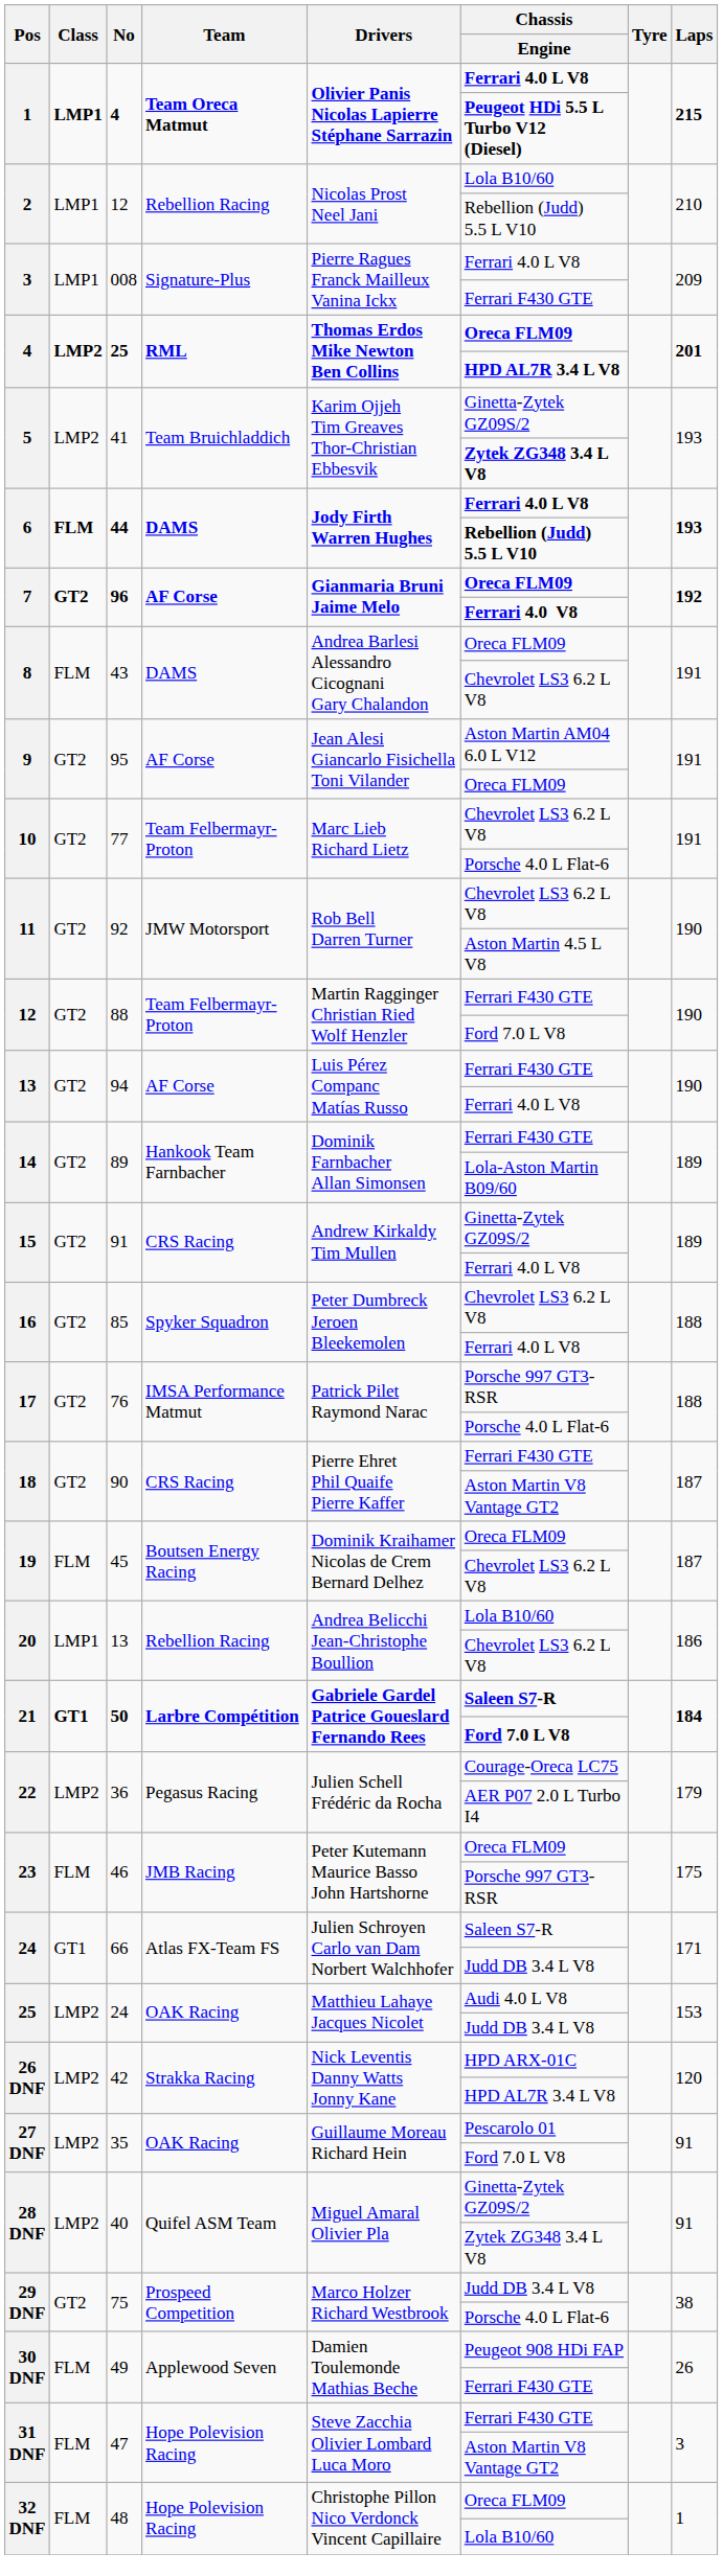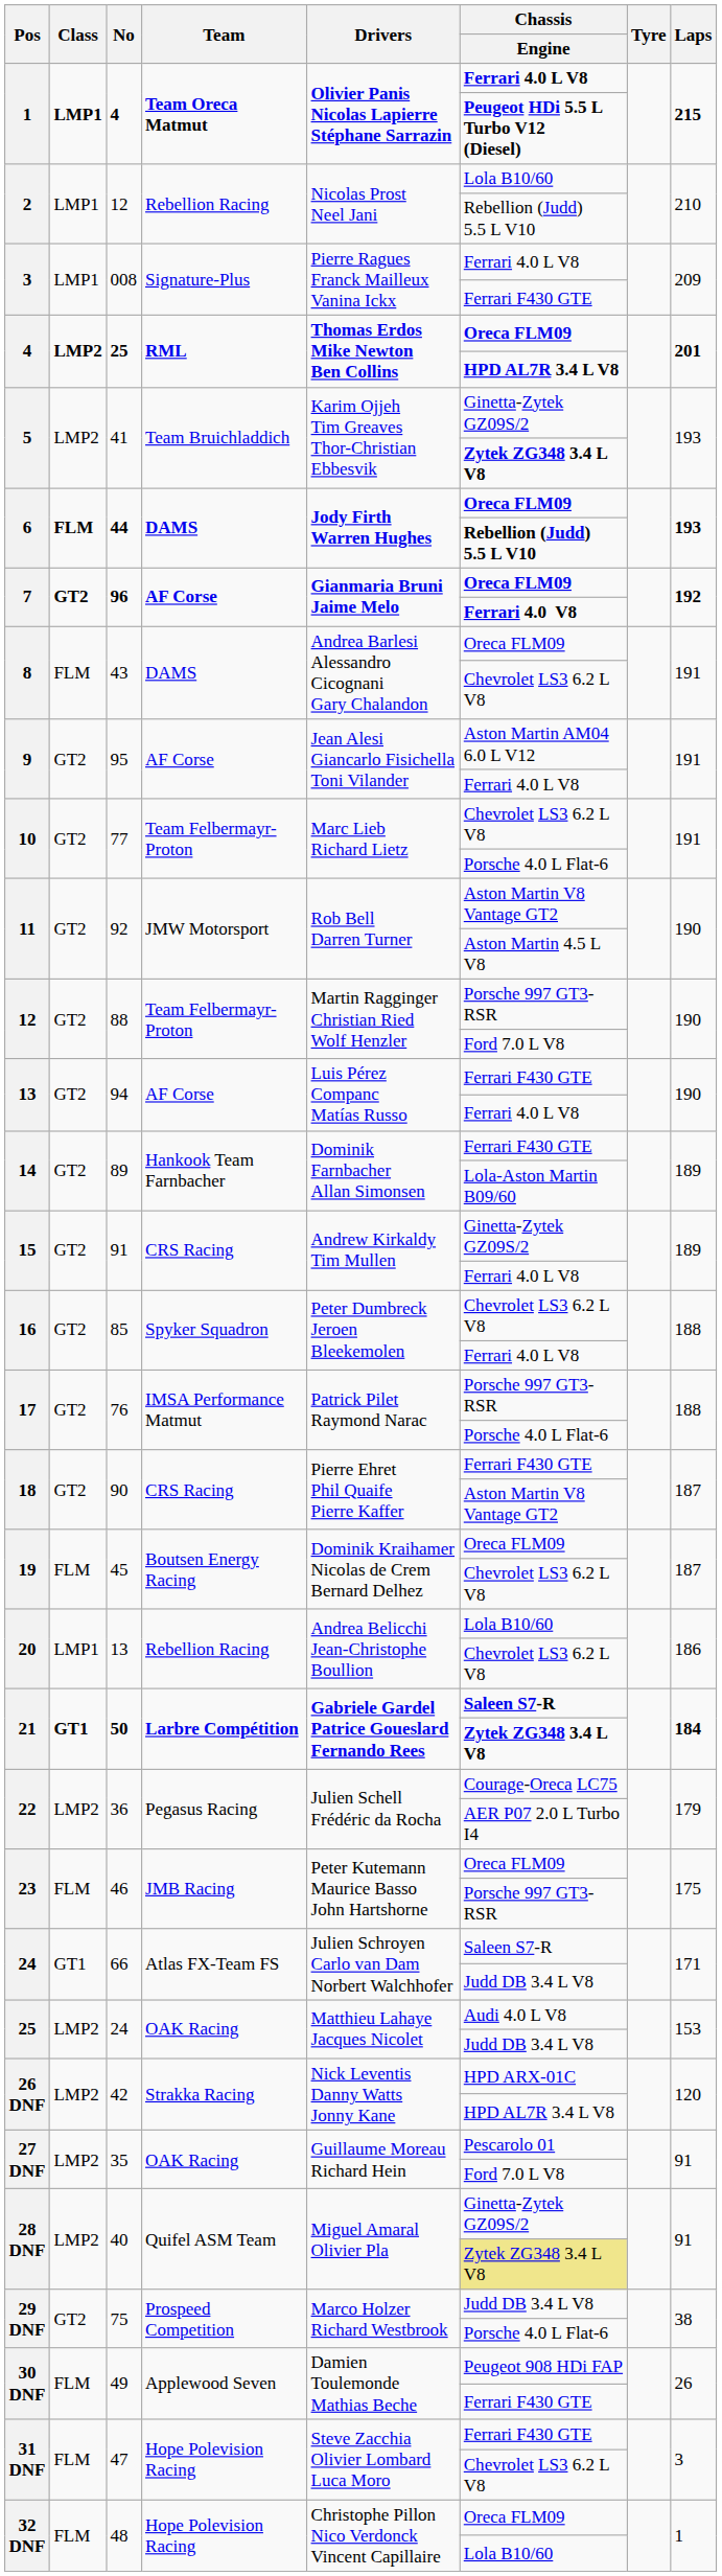 <table class="wikitable" style="font-size: 95%;">
 <tr>
 <th rowspan=2>Pos</th>
 <th rowspan=2>Class</th>
 <th rowspan=2>No</th>
 <th rowspan=2>Team</th>
 <th rowspan=2>Drivers</th>
 <th>Chassis</th>
 <th rowspan=2>Tyre</th>
 <th rowspan=2>Laps</th>
 </tr>
 <tr>
 <th>Engine</th>
 </tr>
 <tr style="font-weight:bold">
 <th rowspan=2>1</th>
 <td rowspan=2>LMP1</td>
 <td rowspan=2>4</td>
 <td rowspan=2> <a href='#'>Team Oreca</a> Matmut</td>
 <td rowspan=2> <a href='#'>Olivier Panis</a><br> <a href='#'>Nicolas Lapierre</a><br> <a href='#'>Stéphane Sarrazin</a></td>
 <td><a href='#'>Ferrari</a> 4.0 L V8</td>
 <td rowspan=2></td>
 <td rowspan=2>215</td>
 </tr>
 <tr style="font-weight:bold">
 <td><a href='#'>Peugeot</a> <a href='#'>HDi</a> 5.5 L Turbo V12<br>(Diesel)</td>
 </tr>
 <tr>
 <th rowspan=2>2</th>
 <td rowspan=2>LMP1</td>
 <td rowspan=2>12</td>
 <td rowspan=2> <a href='#'>Rebellion Racing</a></td>
 <td rowspan=2> <a href='#'>Nicolas Prost</a><br> <a href='#'>Neel Jani</a></td>
 <td><a href='#'>Lola B10/60</a></td>
 <td rowspan=2></td>
 <td rowspan=2>210</td>
 </tr>
 <tr>
 <td>Rebellion (<a href='#'>Judd</a>) 5.5 L V10</td>
 </tr>
 <tr>
 <th rowspan=2>3</th>
 <td rowspan=2>LMP1</td>
 <td rowspan=2>008</td>
 <td rowspan=2> <a href='#'>Signature-Plus</a></td>
 <td rowspan=2> <a href='#'>Pierre Ragues</a><br> <a href='#'>Franck Mailleux</a><br> <a href='#'>Vanina Ickx</a></td>
 <td><a href='#'>Ferrari</a> 4.0 L V8</td>
 <td rowspan=2></td>
 <td rowspan=2>209</td>
 </tr>
 <tr>
 <td><a href='#'>Ferrari F430 GTE</a></td>
 </tr>
 <tr style="font-weight:bold">
 <th rowspan=2>4</th>
 <td rowspan=2>LMP2</td>
 <td rowspan=2>25</td>
 <td rowspan=2> <a href='#'>RML</a></td>
 <td rowspan=2> <a href='#'>Thomas Erdos</a><br> <a href='#'>Mike Newton</a><br> <a href='#'>Ben Collins</a></td>
 <td><a href='#'>Oreca FLM09</a></td>
 <td rowspan=2></td>
 <td rowspan=2>201</td>
 </tr>
 <tr style="font-weight:bold">
 <td><a href='#'>HPD AL7R</a> 3.4 L V8</td>
 </tr>
 <tr>
 <th rowspan=2>5</th>
 <td rowspan=2>LMP2</td>
 <td rowspan=2>41</td>
 <td rowspan=2> <a href='#'>Team Bruichladdich</a></td>
 <td rowspan=2> <a href='#'>Karim Ojjeh</a><br> <a href='#'>Tim Greaves</a><br> <a href='#'>Thor-Christian Ebbesvik</a></td>
 <td><a href='#'>Ginetta</a>-<a href='#'>Zytek</a> <a href='#'>GZ09S/2</a></td>
 <td rowspan=2></td>
 <td rowspan=2>193</td>
 </tr>
 <tr>
 <td><strong><a href='#'>Zytek ZG348</a> 3.4 L V8</strong></td>
 </tr>
 <tr style="font-weight:bold">
 <th rowspan=2>6</th>
 <td rowspan=2>FLM</td>
 <td rowspan=2>44</td>
 <td rowspan=2> <a href='#'>DAMS</a></td>
 <td rowspan=2> <a href='#'>Jody Firth</a><br> <a href='#'>Warren Hughes</a></td>
-<td><a href='#'>Ferrari</a> 4.0 L V8</td>
+<td><a href='#'>Oreca FLM09</a></td>
 <td rowspan=2></td>
 <td rowspan=2>193</td>
 </tr>
 <tr style="font-weight:bold">
 <td>Rebellion (<a href='#'>Judd</a>) 5.5 L V10</td>
 </tr>
 <tr style="font-weight:bold">
 <th rowspan=2>7</th>
 <td rowspan=2>GT2</td>
 <td rowspan=2>96</td>
 <td rowspan=2> <a href='#'>AF Corse</a></td>
 <td rowspan=2> <a href='#'>Gianmaria Bruni</a><br> <a href='#'>Jaime Melo</a></td>
 <td><a href='#'>Oreca FLM09</a></td>
 <td rowspan=2></td>
 <td rowspan=2>192</td>
 </tr>
 <tr style="font-weight:bold">
 <td><a href='#'>Ferrari</a> 4.0  V8</td>
 </tr>
 <tr>
 <th rowspan=2>8</th>
 <td rowspan=2>FLM</td>
 <td rowspan=2>43</td>
 <td rowspan=2> <a href='#'>DAMS</a></td>
 <td rowspan=2> <a href='#'>Andrea Barlesi</a><br> Alessandro Cicognani<br> <a href='#'>Gary Chalandon</a></td>
 <td><a href='#'>Oreca FLM09</a></td>
 <td rowspan=2></td>
 <td rowspan=2>191</td>
 </tr>
 <tr>
 <td><a href='#'>Chevrolet</a> <a href='#'>LS3</a> 6.2 L V8</td>
 </tr>
 <tr>
 <th rowspan=2>9</th>
 <td rowspan=2>GT2</td>
 <td rowspan=2>95</td>
 <td rowspan=2> <a href='#'>AF Corse</a></td>
 <td rowspan=2> <a href='#'>Jean Alesi</a><br> <a href='#'>Giancarlo Fisichella</a><br> <a href='#'>Toni Vilander</a></td>
 <td><a href='#'>Aston Martin AM04</a> 6.0 L V12</td>
 <td rowspan=2></td>
 <td rowspan=2>191</td>
 </tr>
 <tr>
-<td><a href='#'>Oreca FLM09</a></td>
+<td><a href='#'>Ferrari</a> 4.0 L V8</td>
 </tr>
 <tr>
 <th rowspan=2>10</th>
 <td rowspan=2>GT2</td>
 <td rowspan=2>77</td>
 <td rowspan=2> <a href='#'>Team Felbermayr-Proton</a></td>
 <td rowspan=2> <a href='#'>Marc Lieb</a><br> <a href='#'>Richard Lietz</a></td>
 <td><a href='#'>Chevrolet</a> <a href='#'>LS3</a> 6.2 L V8</td>
 <td rowspan=2></td>
 <td rowspan=2>191</td>
 </tr>
 <tr>
 <td><a href='#'>Porsche</a> 4.0 L Flat-6</td>
 </tr>
 <tr>
 <th rowspan=2>11</th>
 <td rowspan=2>GT2</td>
 <td rowspan=2>92</td>
 <td rowspan=2> JMW Motorsport</td>
 <td rowspan=2> <a href='#'>Rob Bell</a><br> <a href='#'>Darren Turner</a></td>
-<td><a href='#'>Chevrolet</a> <a href='#'>LS3</a> 6.2 L V8</td>
+<td><a href='#'>Aston Martin V8 Vantage GT2</a></td>
 <td rowspan=2></td>
 <td rowspan=2>190</td>
 </tr>
 <tr>
 <td><a href='#'>Aston Martin</a> 4.5 L V8</td>
 </tr>
 <tr>
 <th rowspan=2>12</th>
 <td rowspan=2>GT2</td>
 <td rowspan=2>88</td>
 <td rowspan=2> <a href='#'>Team Felbermayr-Proton</a></td>
 <td rowspan=2> Martin Ragginger<br> <a href='#'>Christian Ried</a><br> <a href='#'>Wolf Henzler</a></td>
-<td><a href='#'>Ferrari F430 GTE</a></td>
+<td><a href='#'>Porsche 997 GT3</a>-RSR</td>
 <td rowspan=2></td>
 <td rowspan=2>190</td>
 </tr>
 <tr>
 <td><a href='#'>Ford</a> 7.0 L V8</td>
 </tr>
 <tr>
 <th rowspan=2>13</th>
 <td rowspan=2>GT2</td>
 <td rowspan=2>94</td>
 <td rowspan=2> <a href='#'>AF Corse</a></td>
 <td rowspan=2> <a href='#'>Luis Pérez Companc</a><br> <a href='#'>Matías Russo</a></td>
 <td><a href='#'>Ferrari F430 GTE</a></td>
 <td rowspan=2></td>
 <td rowspan=2>190</td>
 </tr>
 <tr>
 <td><a href='#'>Ferrari</a> 4.0 L V8</td>
 </tr>
 <tr>
 <th rowspan=2>14</th>
 <td rowspan=2>GT2</td>
 <td rowspan=2>89</td>
 <td rowspan=2> <a href='#'>Hankook</a> Team Farnbacher</td>
 <td rowspan=2> <a href='#'>Dominik Farnbacher</a><br> <a href='#'>Allan Simonsen</a></td>
 <td><a href='#'>Ferrari F430 GTE</a></td>
 <td rowspan=2></td>
 <td rowspan=2>189</td>
 </tr>
 <tr>
 <td><a href='#'>Lola-Aston Martin B09/60</a></td>
 </tr>
 <tr>
 <th rowspan=2>15</th>
 <td rowspan=2>GT2</td>
 <td rowspan=2>91</td>
 <td rowspan=2> <a href='#'>CRS Racing</a></td>
 <td rowspan=2> <a href='#'>Andrew Kirkaldy</a><br> <a href='#'>Tim Mullen</a></td>
 <td><a href='#'>Ginetta</a>-<a href='#'>Zytek</a> <a href='#'>GZ09S/2</a></td>
 <td rowspan=2></td>
 <td rowspan=2>189</td>
 </tr>
 <tr>
 <td><a href='#'>Ferrari</a> 4.0 L V8</td>
 </tr>
 <tr>
 <th rowspan=2>16</th>
 <td rowspan=2>GT2</td>
 <td rowspan=2>85</td>
 <td rowspan=2> <a href='#'>Spyker Squadron</a></td>
 <td rowspan=2> <a href='#'>Peter Dumbreck</a><br> <a href='#'>Jeroen Bleekemolen</a></td>
 <td><a href='#'>Chevrolet</a> <a href='#'>LS3</a> 6.2 L V8</td>
 <td rowspan=2></td>
 <td rowspan=2>188</td>
 </tr>
 <tr>
 <td><a href='#'>Ferrari</a> 4.0 L V8</td>
 </tr>
 <tr>
 <th rowspan=2>17</th>
 <td rowspan=2>GT2</td>
 <td rowspan=2>76</td>
 <td rowspan=2> <a href='#'>IMSA Performance</a> Matmut</td>
 <td rowspan=2> <a href='#'>Patrick Pilet</a><br> Raymond Narac</td>
 <td><a href='#'>Porsche 997 GT3</a>-RSR</td>
 <td rowspan=2></td>
 <td rowspan=2>188</td>
 </tr>
 <tr>
 <td><a href='#'>Porsche</a> 4.0 L Flat-6</td>
 </tr>
 <tr>
 <th rowspan=2>18</th>
 <td rowspan=2>GT2</td>
 <td rowspan=2>90</td>
 <td rowspan=2> <a href='#'>CRS Racing</a></td>
 <td rowspan=2> Pierre Ehret<br> <a href='#'>Phil Quaife</a><br> <a href='#'>Pierre Kaffer</a></td>
 <td><a href='#'>Ferrari F430 GTE</a></td>
 <td rowspan=2></td>
 <td rowspan=2>187</td>
 </tr>
 <tr>
 <td><a href='#'>Aston Martin V8 Vantage GT2</a></td>
 </tr>
 <tr>
 <th rowspan=2>19</th>
 <td rowspan=2>FLM</td>
 <td rowspan=2>45</td>
 <td rowspan=2> <a href='#'>Boutsen Energy Racing</a></td>
 <td rowspan=2> <a href='#'>Dominik Kraihamer</a><br> Nicolas de Crem<br> Bernard Delhez</td>
 <td><a href='#'>Oreca FLM09</a></td>
 <td rowspan=2></td>
 <td rowspan=2>187</td>
 </tr>
 <tr>
 <td><a href='#'>Chevrolet</a> <a href='#'>LS3</a> 6.2 L V8</td>
 </tr>
 <tr>
 <th rowspan=2>20</th>
 <td rowspan=2>LMP1</td>
 <td rowspan=2>13</td>
 <td rowspan=2> <a href='#'>Rebellion Racing</a></td>
 <td rowspan=2> <a href='#'>Andrea Belicchi</a><br> <a href='#'>Jean-Christophe Boullion</a></td>
 <td><a href='#'>Lola B10/60</a></td>
 <td rowspan=2></td>
 <td rowspan=2>186</td>
 </tr>
 <tr>
 <td><a href='#'>Chevrolet</a> <a href='#'>LS3</a> 6.2 L V8</td>
 </tr>
 <tr style="font-weight:bold">
 <th rowspan=2>21</th>
 <td rowspan=2>GT1</td>
 <td rowspan=2>50</td>
 <td rowspan=2> <a href='#'>Larbre Compétition</a></td>
 <td rowspan=2> <a href='#'>Gabriele Gardel</a><br> <a href='#'>Patrice Goueslard</a><br> <a href='#'>Fernando Rees</a></td>
 <td><a href='#'>Saleen S7</a>-R</td>
 <td rowspan=2></td>
 <td rowspan=2>184</td>
 </tr>
 <tr style="font-weight:bold">
-<td><a href='#'>Ford</a> 7.0 L V8</td>
+<td><a href='#'>Zytek ZG348</a> 3.4 L V8</td>
 </tr>
 <tr>
 <th rowspan=2>22</th>
 <td rowspan=2>LMP2</td>
 <td rowspan=2>36</td>
 <td rowspan=2> Pegasus Racing</td>
 <td rowspan=2> Julien Schell<br> Frédéric da Rocha</td>
 <td><a href='#'>Courage</a>-<a href='#'>Oreca</a> <a href='#'>LC75</a></td>
 <td rowspan=2></td>
 <td rowspan=2>179</td>
 </tr>
 <tr>
 <td><a href='#'>AER P07</a> 2.0 L Turbo I4</td>
 </tr>
 <tr>
 <th rowspan=2>23</th>
 <td rowspan=2>FLM</td>
 <td rowspan=2>46</td>
 <td rowspan=2> <a href='#'>JMB Racing</a></td>
 <td rowspan=2> Peter Kutemann<br> Maurice Basso<br> John Hartshorne</td>
 <td><a href='#'>Oreca FLM09</a></td>
 <td rowspan=2></td>
 <td rowspan=2>175</td>
 </tr>
 <tr>
 <td><a href='#'>Porsche 997 GT3</a>-RSR</td>
 </tr>
 <tr>
 <th rowspan=2>24</th>
 <td rowspan=2>GT1</td>
 <td rowspan=2>66</td>
 <td rowspan=2> Atlas FX-Team FS</td>
 <td rowspan=2> Julien Schroyen<br> <a href='#'>Carlo van Dam</a><br> Norbert Walchhofer</td>
 <td><a href='#'>Saleen S7</a>-R</td>
 <td rowspan=2></td>
 <td rowspan=2>171</td>
 </tr>
 <tr>
 <td><a href='#'>Judd DB</a> 3.4 L V8</td>
 </tr>
 <tr>
 <th rowspan=2>25</th>
 <td rowspan=2>LMP2</td>
 <td rowspan=2>24</td>
 <td rowspan=2> <a href='#'>OAK Racing</a></td>
 <td rowspan=2> <a href='#'>Matthieu Lahaye</a><br> <a href='#'>Jacques Nicolet</a></td>
 <td><a href='#'>Audi</a> 4.0 L V8</td>
 <td rowspan=2></td>
 <td rowspan=2>153</td>
 </tr>
 <tr>
 <td><a href='#'>Judd DB</a> 3.4 L V8</td>
 </tr>
 <tr>
 <th rowspan=2>26<br>DNF</th>
 <td rowspan=2>LMP2</td>
 <td rowspan=2>42</td>
 <td rowspan=2> <a href='#'>Strakka Racing</a></td>
 <td rowspan=2> <a href='#'>Nick Leventis</a><br> <a href='#'>Danny Watts</a><br> <a href='#'>Jonny Kane</a></td>
 <td><a href='#'>HPD ARX-01C</a></td>
 <td rowspan=2></td>
 <td rowspan=2>120</td>
 </tr>
 <tr>
 <td><a href='#'>HPD AL7R</a> 3.4 L V8</td>
 </tr>
 <tr>
 <th rowspan=2>27<br>DNF</th>
 <td rowspan=2>LMP2</td>
 <td rowspan=2>35</td>
 <td rowspan=2> <a href='#'>OAK Racing</a></td>
 <td rowspan=2> <a href='#'>Guillaume Moreau</a><br> Richard Hein</td>
 <td><a href='#'>Pescarolo 01</a></td>
 <td rowspan=2></td>
 <td rowspan=2>91</td>
 </tr>
 <tr>
 <td><a href='#'>Ford</a> 7.0 L V8</td>
 </tr>
 <tr>
 <th rowspan=2>28<br>DNF</th>
 <td rowspan=2>LMP2</td>
 <td rowspan=2>40</td>
 <td rowspan=2> Quifel ASM Team</td>
 <td rowspan=2> <a href='#'>Miguel Amaral</a><br> <a href='#'>Olivier Pla</a></td>
 <td><a href='#'>Ginetta</a>-<a href='#'>Zytek</a> <a href='#'>GZ09S/2</a></td>
 <td rowspan=2></td>
 <td rowspan=2>91</td>
 </tr>
 <tr>
-<td><a href='#'>Zytek ZG348</a> 3.4 L V8</td>
+<td style="background: khaki;"><a href='#'>Zytek ZG348</a> 3.4 L V8</td>
 </tr>
 <tr>
 <th rowspan=2>29<br>DNF</th>
 <td rowspan=2>GT2</td>
 <td rowspan=2>75</td>
 <td rowspan=2> <a href='#'>Prospeed Competition</a></td>
 <td rowspan=2> <a href='#'>Marco Holzer</a><br> <a href='#'>Richard Westbrook</a></td>
 <td><a href='#'>Judd DB</a> 3.4 L V8</td>
 <td rowspan=2></td>
 <td rowspan=2>38</td>
 </tr>
 <tr>
 <td><a href='#'>Porsche</a> 4.0 L Flat-6</td>
 </tr>
 <tr>
 <th rowspan=2>30<br>DNF</th>
 <td rowspan=2>FLM</td>
 <td rowspan=2>49</td>
 <td rowspan=2> Applewood Seven</td>
 <td rowspan=2> Damien Toulemonde<br> <a href='#'>Mathias Beche</a></td>
 <td><a href='#'>Peugeot 908 HDi FAP</a></td>
 <td rowspan=2></td>
 <td rowspan=2>26</td>
 </tr>
 <tr>
 <td><a href='#'>Ferrari F430 GTE</a></td>
 </tr>
 <tr>
 <th rowspan=2>31<br>DNF</th>
 <td rowspan=2>FLM</td>
 <td rowspan=2>47</td>
 <td rowspan=2> <a href='#'>Hope Polevision Racing</a></td>
 <td rowspan=2> <a href='#'>Steve Zacchia</a><br> <a href='#'>Olivier Lombard</a><br> <a href='#'>Luca Moro</a></td>
 <td><a href='#'>Ferrari F430 GTE</a></td>
 <td rowspan=2></td>
 <td rowspan=2>3</td>
 </tr>
 <tr>
-<td><a href='#'>Aston Martin V8 Vantage GT2</a></td>
+<td><a href='#'>Chevrolet</a> <a href='#'>LS3</a> 6.2 L V8</td>
 </tr>
 <tr>
 <th rowspan=2>32<br>DNF</th>
 <td rowspan=2>FLM</td>
 <td rowspan=2>48</td>
 <td rowspan=2> <a href='#'>Hope Polevision Racing</a></td>
 <td rowspan=2> Christophe Pillon<br> <a href='#'>Nico Verdonck</a><br> Vincent Capillaire</td>
 <td><a href='#'>Oreca FLM09</a></td>
 <td rowspan=2></td>
 <td rowspan=2>1</td>
 </tr>
 <tr>
 <td><a href='#'>Lola B10/60</a></td>
 </tr>
 </table>
